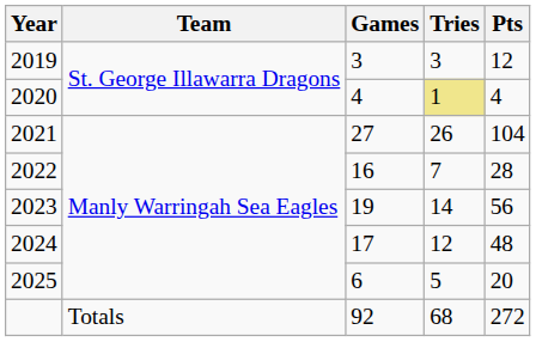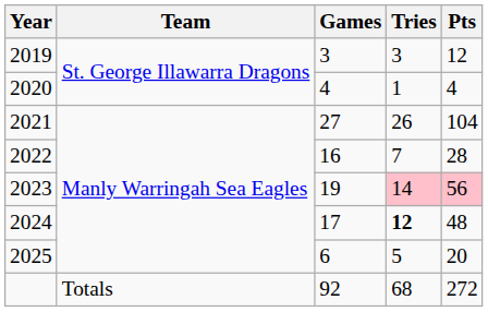 <table class="wikitable">
 <tr>
 <th>Year</th>
 <th>Team</th>
 <th>Games</th>
 <th>Tries</th>
 <th>Pts</th>
 </tr>
 <tr>
 <td>2019</td>
 <td rowspan="2"> <a href='#'>St. George Illawarra Dragons</a></td>
 <td>3</td>
 <td>3</td>
 <td>12</td>
 </tr>
 <tr>
 <td>2020</td>
 <td>4</td>
-<td style="background: khaki;">1</td>
+<td>1</td>
 <td>4</td>
 </tr>
 <tr>
 <td>2021</td>
 <td rowspan="5"> <a href='#'>Manly Warringah Sea Eagles</a></td>
 <td>27</td>
 <td>26</td>
 <td>104</td>
 </tr>
 <tr>
 <td>2022</td>
 <td>16</td>
 <td>7</td>
 <td>28</td>
 </tr>
 <tr>
 <td>2023</td>
 <td>19</td>
-<td>14</td>
-<td>56</td>
+<td style="background: pink;">14</td>
+<td style="background: pink;">56</td>
 </tr>
 <tr>
 <td>2024</td>
 <td>17</td>
-<td>12</td>
+<td><strong>12</strong></td>
 <td>48</td>
 </tr>
 <tr>
 <td>2025</td>
 <td>6</td>
 <td>5</td>
 <td>20</td>
 </tr>
 <tr>
 <td></td>
 <td>Totals</td>
 <td>92</td>
 <td>68</td>
 <td>272</td>
 </tr>
 </table>
